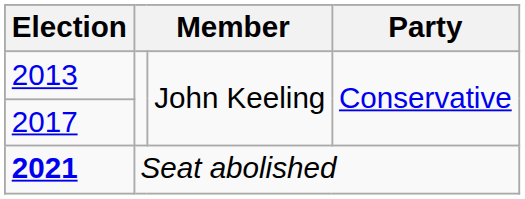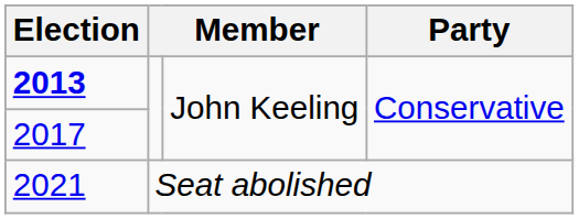 <table class="wikitable">
 <tr>
 <th>Election</th>
 <th colspan="2">Member</th>
 <th>Party</th>
 </tr>
 <tr>
-<td><a href='#'>2013</a></td>
+<td><strong><a href='#'>2013</a></strong></td>
 <td rowspan="2" style="background-color: "></td>
 <td rowspan="2">John Keeling</td>
 <td rowspan="2"><a href='#'>Conservative</a></td>
 </tr>
 <tr>
 <td><a href='#'>2017</a></td>
 </tr>
 <tr>
-<td><strong><a href='#'>2021</a></strong></td>
+<td><a href='#'>2021</a></td>
 <td colspan="3"><em>Seat abolished</em></td>
 </tr>
 </table>
